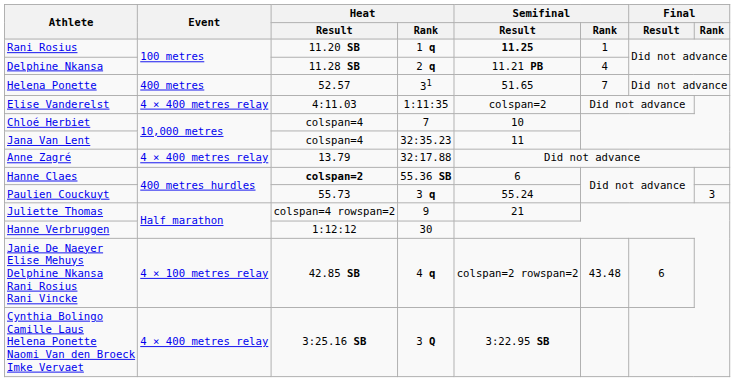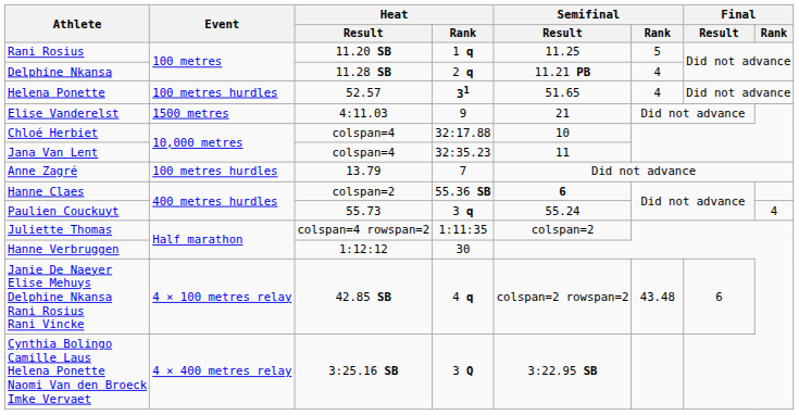 <table class=wikitable style=font-size:90%>
 <tr>
 <th rowspan=2>Athlete</th>
 <th rowspan=2>Event</th>
 <th colspan=2>Heat</th>
 <th colspan=2>Semifinal</th>
 <th colspan=2>Final</th>
 </tr>
 <tr style=font-size:95%>
 <th>Result</th>
 <th>Rank</th>
 <th>Result</th>
 <th>Rank</th>
 <th>Result</th>
 <th>Rank</th>
 </tr>
 <tr align=center>
 <td align=left><a href='#'>Rani Rosius</a></td>
 <td align=left rowspan=2><a href='#'>100 metres</a></td>
 <td>11.20 <strong>SB</strong></td>
 <td>1 <strong>q</strong></td>
-<td><strong>11.25</strong></td>
-<td>1</td>
+<td>11.25</td>
+<td>5</td>
 <td rowspan=2 colspan=2>Did not advance</td>
 </tr>
 <tr align=center>
 <td align=left><a href='#'>Delphine Nkansa</a></td>
 <td>11.28 <strong>SB</strong></td>
 <td>2 <strong>q</strong></td>
 <td>11.21 <strong>PB</strong></td>
 <td>4</td>
 </tr>
 <tr align=center>
 <td align=left><a href='#'>Helena Ponette</a></td>
-<td align=left><a href='#'>400 metres</a></td>
+<td align=left><a href='#'>100 metres hurdles</a></td>
 <td>52.57</td>
-<td>3<sup>1</sup></td>
+<td><strong>3<sup>1</sup></strong></td>
 <td>51.65</td>
-<td>7</td>
+<td>4</td>
 <td colspan=2>Did not advance</td>
 </tr>
 <tr align=center>
 <td align=left><a href='#'>Elise Vanderelst</a></td>
-<td align=left><a href='#'>4 × 400 metres relay</a></td>
+<td align=left><a href='#'>1500 metres</a></td>
 <td>4:11.03</td>
-<td>1:11:35</td>
-<td>colspan=2</td>
+<td>9</td>
+<td>21</td>
 <td colspan=2>Did not advance</td>
 </tr>
 <tr align=center>
 <td align=left><a href='#'>Chloé Herbiet</a></td>
 <td align=left rowspan=2><a href='#'>10,000 metres</a></td>
 <td>colspan=4</td>
-<td>7</td>
+<td>32:17.88</td>
 <td>10</td>
 </tr>
 <tr align=center>
 <td align=left><a href='#'>Jana Van Lent</a></td>
 <td>colspan=4</td>
 <td>32:35.23</td>
 <td>11</td>
 </tr>
 <tr align=center>
 <td align=left><a href='#'>Anne Zagré</a></td>
-<td align=left><a href='#'>4 × 400 metres relay</a></td>
+<td align=left><a href='#'>100 metres hurdles</a></td>
 <td>13.79</td>
-<td>32:17.88</td>
+<td>7</td>
 <td colspan=4>Did not advance</td>
 </tr>
 <tr align=center>
 <td align=left><a href='#'>Hanne Claes</a></td>
 <td align=left rowspan=2><a href='#'>400 metres hurdles</a></td>
-<td><strong>colspan=2 </strong></td>
+<td>colspan=2 </td>
 <td>55.36 <strong>SB</strong></td>
-<td>6</td>
+<td><strong>6</strong></td>
 <td rowspan=2 colspan=2>Did not advance</td>
 </tr>
 <tr align=center>
 <td align=left><a href='#'>Paulien Couckuyt</a></td>
 <td>55.73</td>
 <td>3 <strong>q</strong></td>
 <td>55.24</td>
-<td>3</td>
+<td>4</td>
 </tr>
 <tr align=center>
 <td align=left><a href='#'>Juliette Thomas</a></td>
 <td align=left rowspan=2><a href='#'>Half marathon</a></td>
 <td>colspan=4 rowspan=2</td>
-<td>9</td>
-<td>21</td>
+<td>1:11:35</td>
+<td>colspan=2</td>
 </tr>
 <tr align=center>
 <td align=left><a href='#'>Hanne Verbruggen</a></td>
 <td>1:12:12</td>
 <td>30</td>
 </tr>
 <tr align=center>
 <td align=left><a href='#'>Janie De Naeyer</a><br><a href='#'>Elise Mehuys</a><br><a href='#'>Delphine Nkansa</a><br><a href='#'>Rani Rosius</a><br><a href='#'>Rani Vincke</a></td>
 <td align=left><a href='#'>4 × 100 metres relay</a></td>
 <td>42.85 <strong>SB</strong></td>
 <td>4 <strong>q</strong></td>
 <td>colspan=2 rowspan=2</td>
 <td>43.48</td>
 <td>6</td>
 </tr>
 <tr align=center>
 <td align=left><a href='#'>Cynthia Bolingo</a><br><a href='#'>Camille Laus</a><br><a href='#'>Helena Ponette</a><br><a href='#'>Naomi Van den Broeck</a><br><a href='#'>Imke Vervaet</a></td>
 <td align=left><a href='#'>4 × 400 metres relay</a></td>
 <td>3:25.16 <strong>SB</strong></td>
 <td>3 <strong>Q</strong></td>
 <td>3:22.95 <strong>SB</strong></td>
 <td></td>
 </tr>
 </table>
